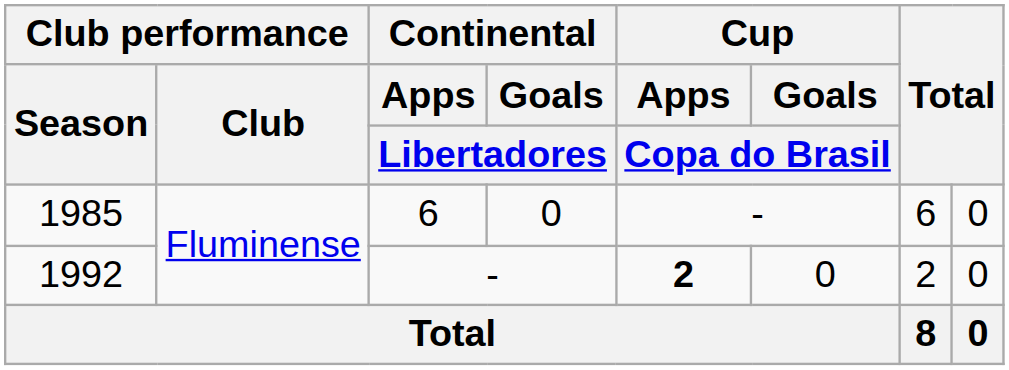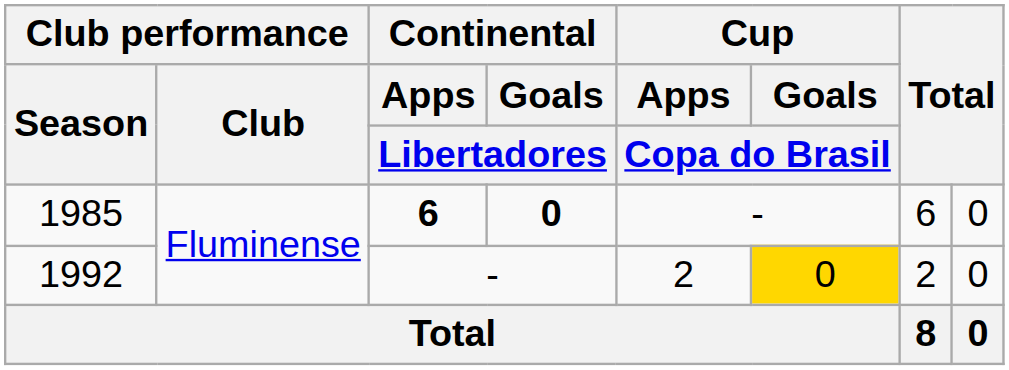 <table class="wikitable" style="text-align:center;">
 <tr>
 <th colspan=2>Club performance</th>
 <th colspan=2>Continental</th>
 <th colspan=2>Cup</th>
 <th colspan=2 rowspan=3>Total</th>
 </tr>
 <tr>
 <th rowspan=2>Season</th>
 <th rowspan=2>Club</th>
 <th>Apps</th>
 <th>Goals</th>
 <th>Apps</th>
 <th>Goals</th>
 </tr>
 <tr>
 <th colspan=2><a href='#'>Libertadores</a></th>
 <th colspan=2><a href='#'>Copa do Brasil</a></th>
 </tr>
 <tr>
 <td>1985</td>
 <td rowspan="2"><a href='#'>Fluminense</a></td>
-<td>6</td>
-<td>0</td>
+<td><strong>6</strong></td>
+<td><strong>0</strong></td>
 <td colspan="2">-</td>
 <td>6</td>
 <td>0</td>
 </tr>
 <tr>
 <td>1992</td>
 <td colspan="2">-</td>
-<td><strong>2</strong></td>
-<td>0</td>
+<td>2</td>
+<td style="background: gold;">0</td>
 <td>2</td>
 <td>0</td>
 </tr>
 <tr>
 <th colspan=6>Total</th>
 <th>8</th>
 <th>0</th>
 </tr>
 </table>
